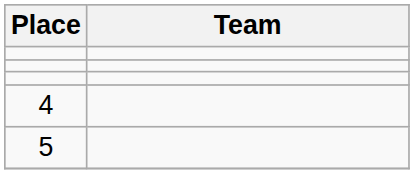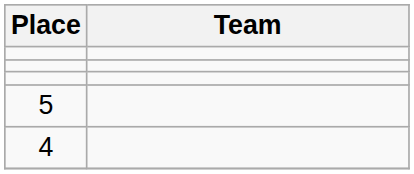 <table class=wikitable style=text-align:center>
 <tr>
 <th width=35>Place</th>
 <th width=185>Team</th>
 </tr>
 <tr>
 <td></td>
 <td style="text-align:left;"></td>
 </tr>
 <tr>
 <td></td>
 <td style="text-align:left;"></td>
 </tr>
 <tr>
 <td></td>
 <td style="text-align:left;"></td>
 </tr>
 <tr>
-<td>4</td>
+<td>5</td>
 <td style="text-align:left;"></td>
 </tr>
 <tr>
-<td>5</td>
+<td>4</td>
 <td style="text-align:left;"></td>
 </tr>
 <tr>
 </tr>
 </table>
